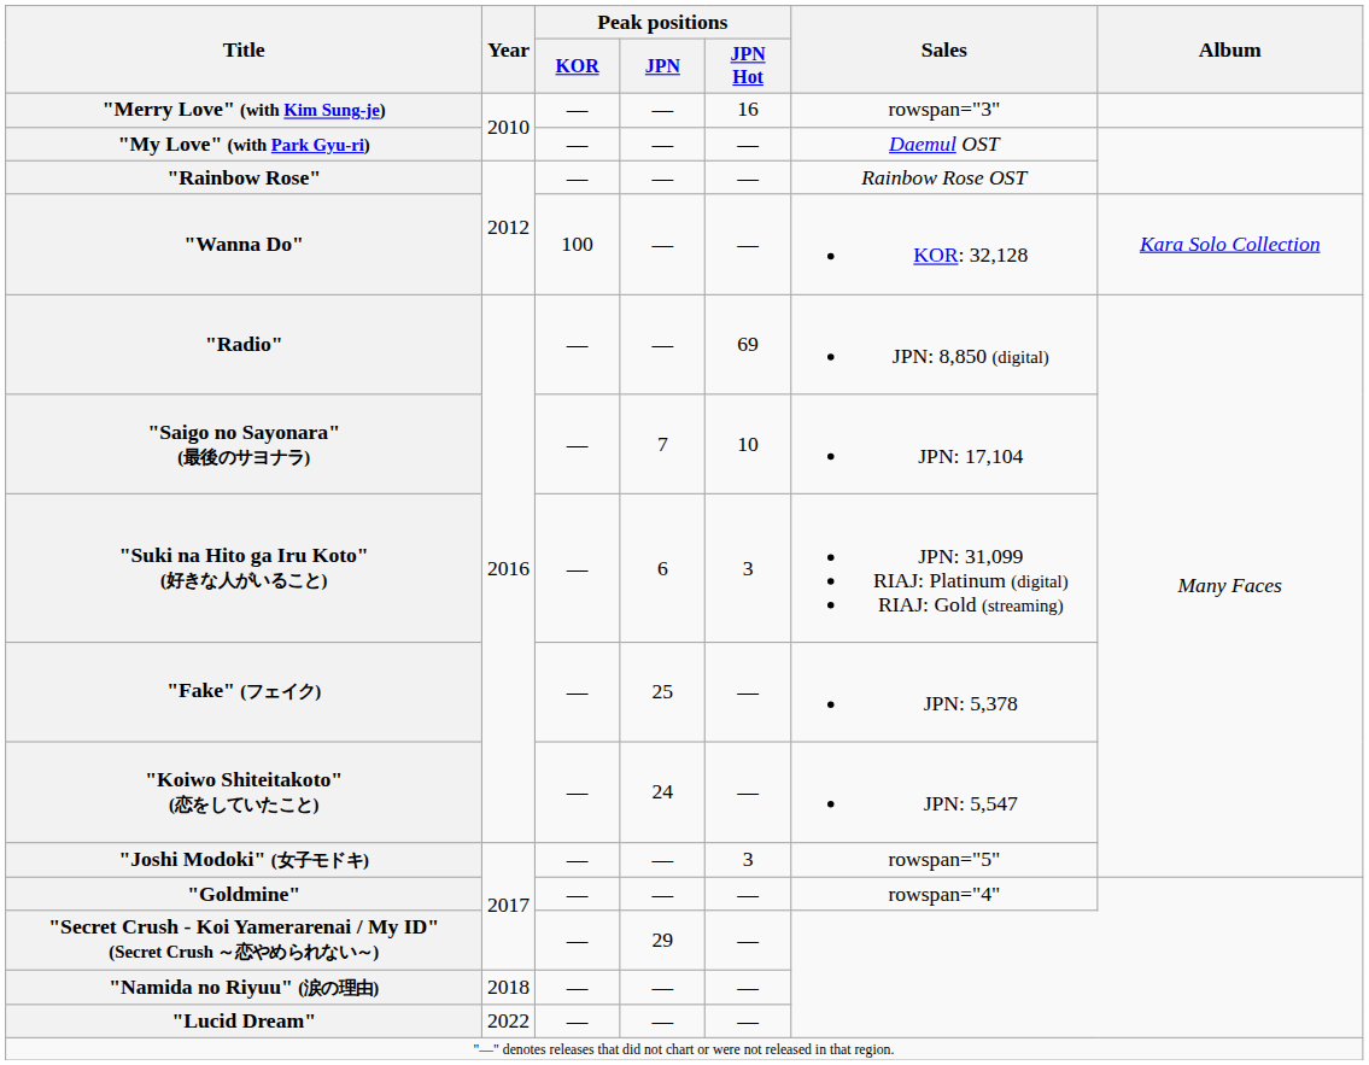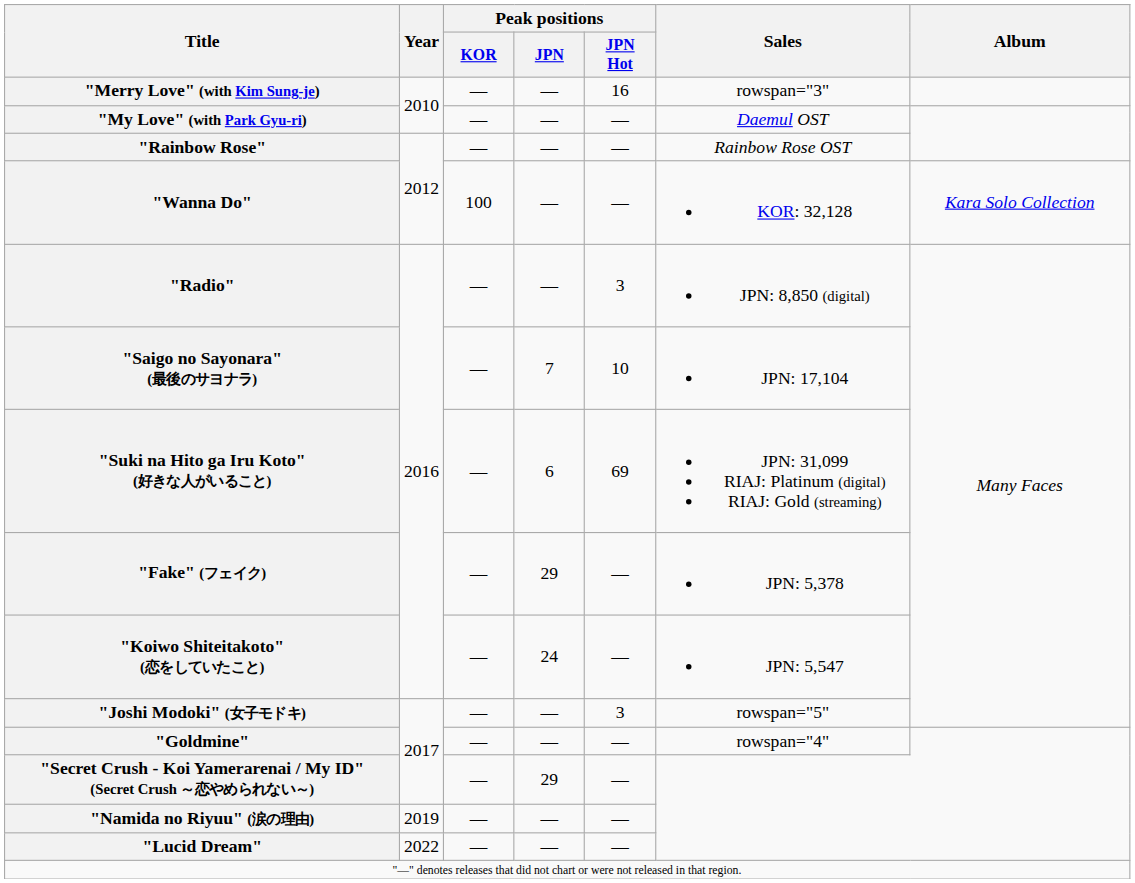 <table class="wikitable plainrowheaders" style="text-align:center;">
 <tr>
 <th scope="col" rowspan="2" style="width:22em">Title</th>
 <th scope="col" rowspan="2">Year</th>
 <th scope="col" colspan="3">Peak positions</th>
 <th rowspan="2" style="width:14em;">Sales<br></th>
 <th scope="col" rowspan="2" style="width:12em">Album</th>
 </tr>
 <tr>
 <th scope="col" style="width:4em;font-size:90%;"><a href='#'>KOR</a><br></th>
 <th scope="col" style="width:4em;font-size:90%;"><a href='#'>JPN</a><br></th>
 <th style="width:4em;font-size:90%"><a href='#'>JPN<br>Hot</a><br></th>
 </tr>
 <tr>
 <th scope="row">"Merry Love" <small>(with <a href='#'>Kim Sung-je</a>)</small></th>
 <td rowspan="2">2010</td>
 <td>—</td>
 <td>—</td>
 <td>16</td>
 <td>rowspan="3" </td>
 <td></td>
 </tr>
 <tr>
 <th scope="row">"My Love" <small>(with <a href='#'>Park Gyu-ri</a>)</small></th>
 <td>—</td>
 <td>—</td>
 <td>—</td>
 <td><em><a href='#'>Daemul</a> OST</em></td>
 </tr>
 <tr>
 <th scope="row">"Rainbow Rose"</th>
 <td rowspan="2">2012</td>
 <td>—</td>
 <td>—</td>
 <td>—</td>
 <td><em>Rainbow Rose OST</em></td>
 </tr>
 <tr>
 <th scope="row">"Wanna Do"</th>
 <td>100</td>
 <td>—</td>
 <td>—</td>
 <td><br><ul><li><a href='#'>KOR</a>: 32,128</li></ul></td>
 <td><em><a href='#'>Kara Solo Collection</a></em></td>
 </tr>
 <tr>
 <th scope="row">"Radio"</th>
 <td rowspan="5">2016</td>
 <td>—</td>
 <td>—</td>
-<td>69</td>
+<td>3</td>
 <td><br><ul><li>JPN: 8,850 <small>(digital)</small></li></ul></td>
 <td rowspan="6"><em>Many Faces</em></td>
 </tr>
 <tr>
 <th scope="row">"Saigo no Sayonara"<br><small>(最後のサヨナラ)</small></th>
 <td>—</td>
 <td>7</td>
 <td>10</td>
 <td><br><ul><li>JPN: 17,104</li></ul></td>
 </tr>
 <tr>
 <th scope="row">"Suki na Hito ga Iru Koto"<br><small>(好きな人がいること)</small></th>
 <td>—</td>
 <td>6</td>
-<td>3</td>
+<td>69</td>
 <td><br><ul><li>JPN: 31,099</li><li>RIAJ: Platinum <small>(digital)</small></li><li>RIAJ: Gold <small> (streaming)</small></li></ul></td>
 </tr>
 <tr>
 <th scope="row">"Fake" <small>(フェイク)</small></th>
 <td>—</td>
-<td>25</td>
+<td>29</td>
 <td>—</td>
 <td><br><ul><li>JPN: 5,378</li></ul></td>
 </tr>
 <tr>
 <th scope="row">"Koiwo Shiteitakoto"<br><small>(恋をしていたこと)</small></th>
 <td>—</td>
 <td>24</td>
 <td>—</td>
 <td><br><ul><li>JPN: 5,547</li></ul></td>
 </tr>
 <tr>
 <th scope="row">"Joshi Modoki" <small>(女子モドキ)</small></th>
 <td rowspan="3">2017</td>
 <td>—</td>
 <td>—</td>
 <td>3</td>
 <td>rowspan="5" </td>
 </tr>
 <tr>
 <th scope="row">"Goldmine"</th>
 <td>—</td>
 <td>—</td>
 <td>—</td>
 <td>rowspan="4" </td>
 </tr>
 <tr>
 <th scope="row">"Secret Crush - Koi Yamerarenai / My ID" <br><small>(Secret Crush ～恋やめられない～)</small></th>
 <td>—</td>
 <td>29</td>
 <td>—</td>
 </tr>
 <tr>
 <th scope="row">"Namida no Riyuu" <small>(涙の理由)</small></th>
-<td rowspan="1">2018</td>
+<td rowspan="1">2019</td>
 <td>—</td>
 <td>—</td>
 <td>—</td>
 </tr>
 <tr>
 <th scope="row">"Lucid Dream"</th>
 <td rowspan="1">2022</td>
 <td>—</td>
 <td>—</td>
 <td>—</td>
 </tr>
 <tr>
 <td colspan="15" style="text-align:center; font-size:8pt;">"—" denotes releases that did not chart or were not released in that region.</td>
 </tr>
 </table>
